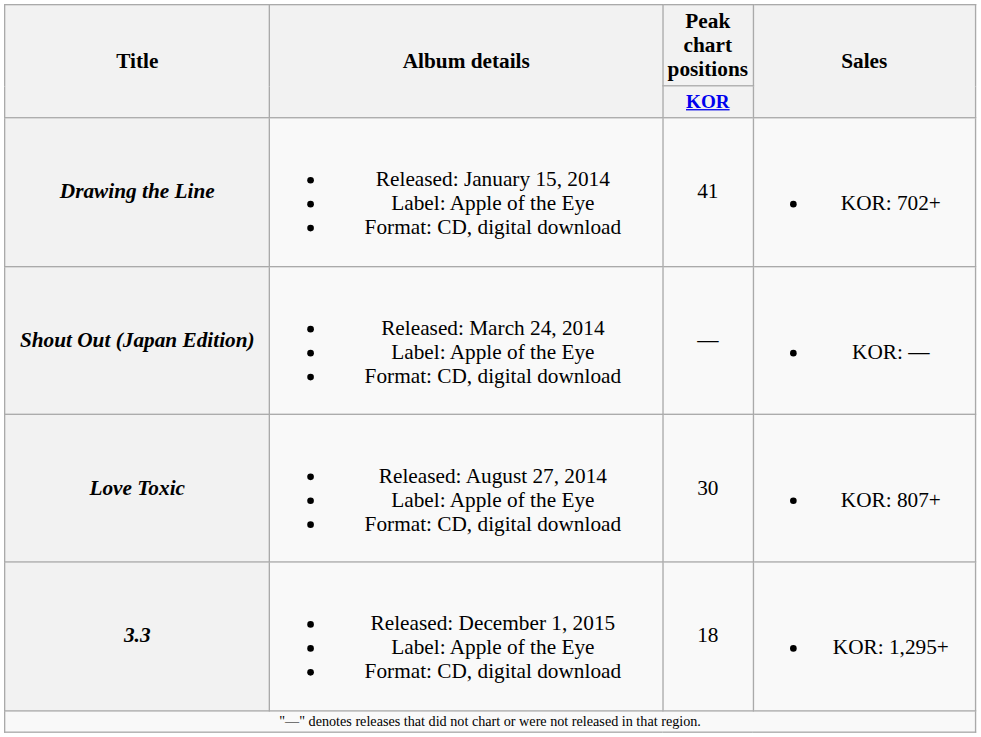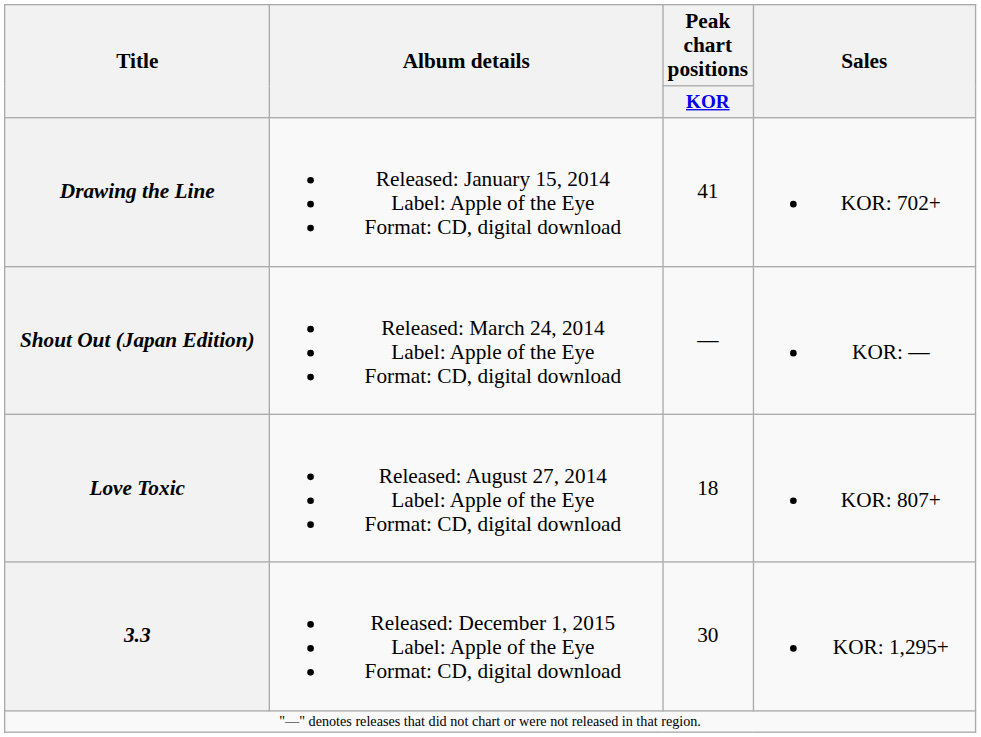 <table class="wikitable plainrowheaders" style="text-align:center;">
 <tr>
 <th scope="col" rowspan="2" style="width:12em;">Title</th>
 <th scope="col" rowspan="2" style="width:18em;">Album details</th>
 <th scope="col" colspan="1">Peak chart positions</th>
 <th scope="col" rowspan="2" style="width:10em;">Sales</th>
 </tr>
 <tr>
 <th scope="col" style="width:3em;font-size:90%;"><a href='#'>KOR</a><br></th>
 </tr>
 <tr>
 <th scope="row"><em>Drawing the Line</em></th>
 <td><br><ul><li>Released: January 15, 2014</li><li>Label: Apple of the Eye</li><li>Format: CD, digital download</li></ul></td>
 <td>41</td>
 <td><br><ul><li>KOR: 702+</li></ul></td>
 </tr>
 <tr>
 <th scope="row"><em>Shout Out (Japan Edition)</em></th>
 <td><br><ul><li>Released: March 24, 2014</li><li>Label: Apple of the Eye</li><li>Format: CD, digital download</li></ul></td>
 <td>—</td>
 <td><br><ul><li>KOR: —</li></ul></td>
 </tr>
 <tr>
 <th scope="row"><em>Love Toxic</em></th>
 <td><br><ul><li>Released: August 27, 2014</li><li>Label: Apple of the Eye</li><li>Format: CD, digital download</li></ul> </td>
-<td>30</td>
+<td>18</td>
 <td><br><ul><li>KOR: 807+</li></ul></td>
 </tr>
 <tr>
 <th scope="row"><em>3.3</em></th>
 <td><br><ul><li>Released: December 1, 2015</li><li>Label: Apple of the Eye</li><li>Format: CD, digital download</li></ul></td>
-<td>18</td>
+<td>30</td>
 <td><br><ul><li>KOR: 1,295+</li></ul></td>
 </tr>
 <tr>
 <td colspan="6" style="font-size:8pt">"—" denotes releases that did not chart or were not released in that region.</td>
 </tr>
 </table>
